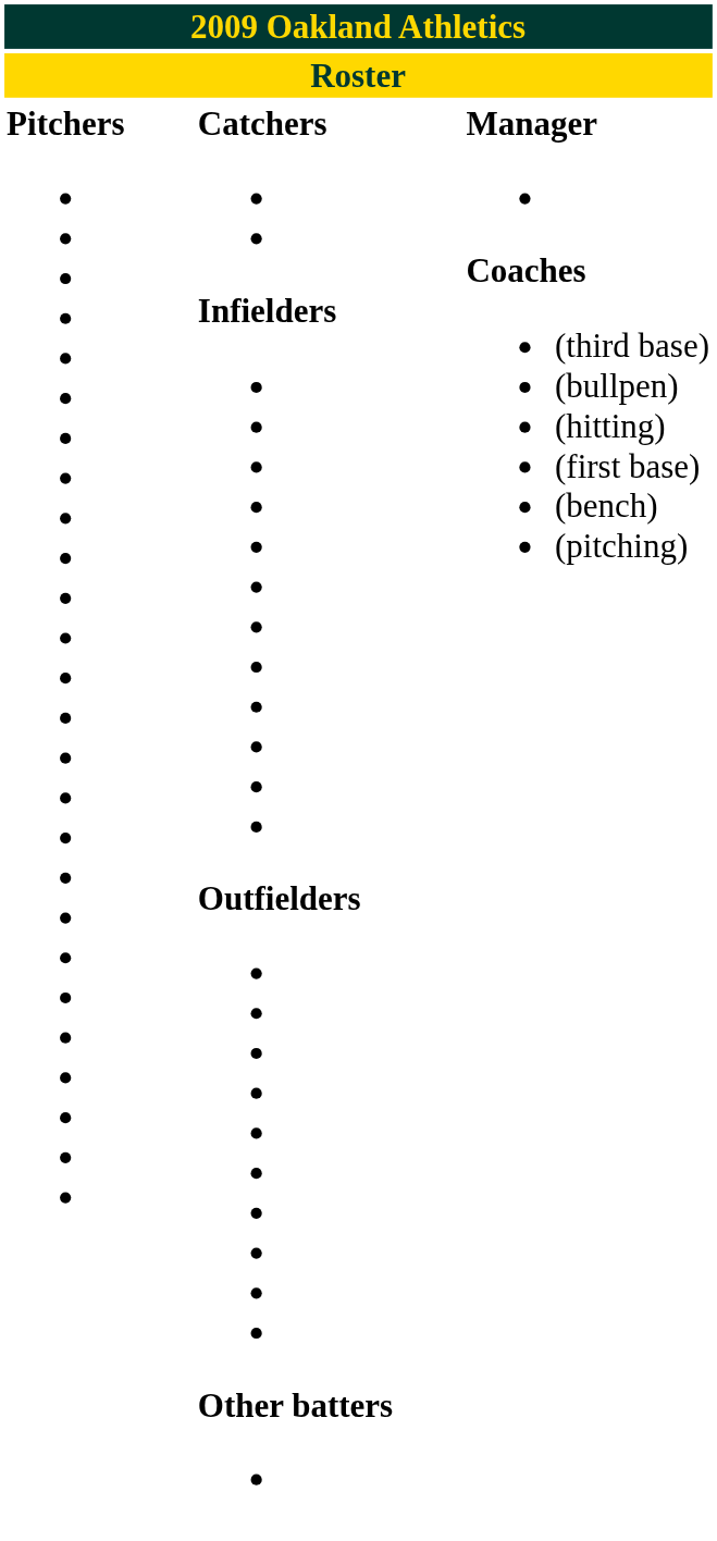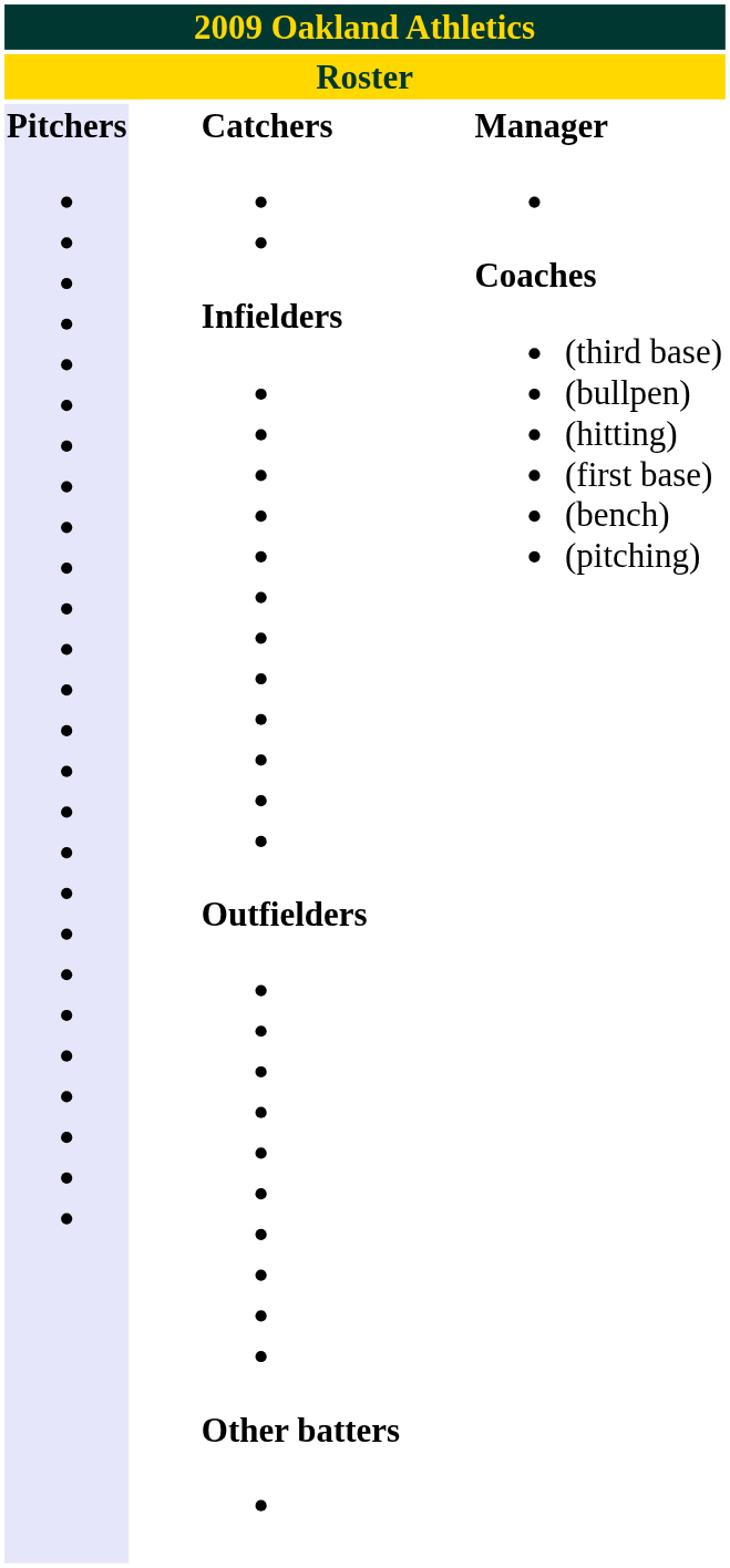 <table class="toccolours" style="font-size: 95%;">
 <tr>
 <th colspan="10" style="background-color: #003831; color: #FFD800; text-align: center;">2009 Oakland Athletics</th>
 </tr>
 <tr>
 <td colspan="10" style="background-color: #FFD800; color: #003831; text-align: center;"><strong>Roster</strong></td>
 </tr>
 <tr>
-<td valign="top"><strong>Pitchers</strong><br><ul><li></li><li></li><li></li><li></li><li></li><li></li><li></li><li></li><li></li><li></li><li></li><li></li><li></li><li></li><li></li><li></li><li></li><li></li><li></li><li></li><li></li><li></li><li></li><li></li><li></li><li></li></ul></td>
+<td valign="top" style="background: lavender;"><strong>Pitchers</strong><br><ul><li></li><li></li><li></li><li></li><li></li><li></li><li></li><li></li><li></li><li></li><li></li><li></li><li></li><li></li><li></li><li></li><li></li><li></li><li></li><li></li><li></li><li></li><li></li><li></li><li></li><li></li></ul></td>
 <td width="25px"></td>
 <td valign="top"><strong>Catchers</strong><br><ul><li></li><li></li></ul><strong>Infielders</strong><ul><li></li><li></li><li></li><li></li><li></li><li></li><li></li><li></li><li></li><li></li><li></li><li></li></ul><strong>Outfielders</strong><ul><li></li><li></li><li></li><li></li><li></li><li></li><li></li><li></li><li></li><li></li></ul><strong>Other batters</strong><ul><li></li></ul></td>
 <td width="25px"></td>
 <td valign="top"><strong>Manager</strong><br><ul><li></li></ul><strong>Coaches</strong><ul><li>  (third base)</li><li> (bullpen)</li><li> (hitting)</li><li> (first base)</li><li> (bench)</li><li> (pitching)</li></ul></td>
 </tr>
 </table>
